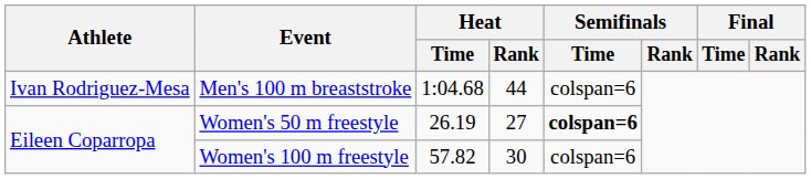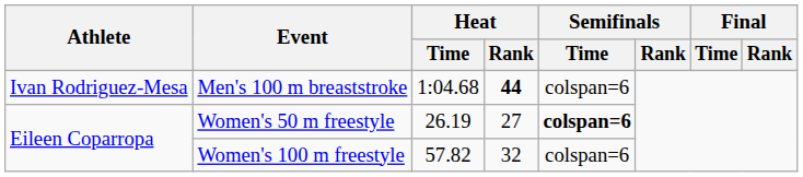 <table class=wikitable style="font-size:90%">
 <tr>
 <th rowspan="2">Athlete</th>
 <th rowspan="2">Event</th>
 <th colspan="2">Heat</th>
 <th colspan="2">Semifinals</th>
 <th colspan="2">Final</th>
 </tr>
 <tr style="font-size:95%">
 <th>Time</th>
 <th>Rank</th>
 <th>Time</th>
 <th>Rank</th>
 <th>Time</th>
 <th>Rank</th>
 </tr>
 <tr align=center>
 <td align=left><a href='#'>Ivan Rodriguez-Mesa</a></td>
 <td align=left><a href='#'>Men's 100 m breaststroke</a></td>
 <td>1:04.68</td>
-<td>44</td>
+<td><strong>44</strong></td>
 <td>colspan=6 </td>
 </tr>
 <tr align=center>
 <td align=left rowspan=2><a href='#'>Eileen Coparropa</a></td>
 <td align=left><a href='#'>Women's 50 m freestyle</a></td>
 <td>26.19</td>
 <td>27</td>
 <td><strong>colspan=6 </strong></td>
 </tr>
 <tr align=center>
 <td align=left><a href='#'>Women's 100 m freestyle</a></td>
 <td>57.82</td>
-<td>30</td>
+<td>32</td>
 <td>colspan=6 </td>
 </tr>
 </table>
